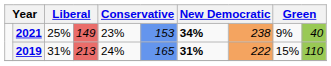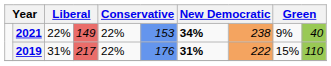 <table class="wikitable" style="float:right; width:400; font-size:90%; margin-left:1em;">
 <tr>
 <th colspan="2" scope="col">Year</th>
 <th colspan="2" scope="col"><a href='#'>Liberal</a></th>
 <th colspan="2" scope="col"><a href='#'>Conservative</a></th>
 <th colspan="2" scope="col"><a href='#'>New Democratic</a></th>
 <th colspan="2" scope="col"><a href='#'>Green</a></th>
 </tr>
 <tr>
 <td rowspan="2" style="width: 0.25em; background-color: "></td>
 <th><a href='#'>2021</a></th>
-<td>25%</td>
+<td>22%</td>
 <td style="text-align:right; background:#EA6D6A;"><em>149</em></td>
-<td>23%</td>
+<td>22%</td>
 <td style="text-align:right; background:#6495ED;"><em>153</em></td>
 <td><strong>34%</strong></td>
 <td style="text-align:right; background:#F4A460;"><em>238</em></td>
 <td>9%</td>
 <td style="text-align:right; background:#99C955;"><em>40</em></td>
 </tr>
 <tr>
 <th><a href='#'>2019</a></th>
 <td>31%</td>
-<td style="text-align:right; background:#EA6D6A;"><em>213</em></td>
-<td>24%</td>
-<td style="text-align:right; background:#6495ED;"><em>165</em></td>
+<td style="text-align:right; background:#EA6D6A;"><em>217</em></td>
+<td>22%</td>
+<td style="text-align:right; background:#6495ED;"><em>176</em></td>
 <td><strong>31%</strong></td>
 <td style="text-align:right; background:#F4A460;"><em>222</em></td>
 <td>15%</td>
 <td style="text-align:right; background:#99C955;"><em>110</em></td>
 </tr>
 <tr>
 </tr>
 </table>
